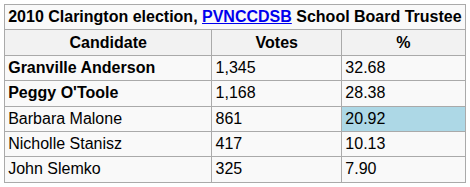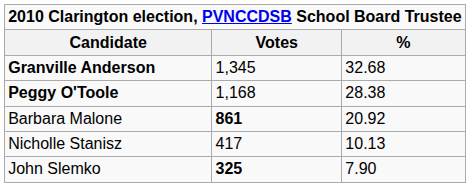 <table class="wikitable">
 <tr>
 <td Colspan="3" align="center"><strong>2010 Clarington election, <a href='#'>PVNCCDSB</a> School  Board Trustee</strong></td>
 </tr>
 <tr>
 <th bgcolor="#DDDDFF" width="200px">Candidate</th>
 <th bgcolor="#DDDDFF">Votes</th>
 <th bgcolor="#DDDDFF">%</th>
 </tr>
 <tr>
 <td><strong>Granville Anderson</strong></td>
 <td>1,345</td>
 <td>32.68</td>
 </tr>
 <tr>
 <td><strong>Peggy O'Toole</strong></td>
 <td>1,168</td>
 <td>28.38</td>
 </tr>
 <tr>
 <td>Barbara Malone</td>
-<td>861</td>
-<td style="background: lightblue;">20.92</td>
+<td><strong>861</strong></td>
+<td>20.92</td>
 </tr>
 <tr>
 <td>Nicholle Stanisz</td>
 <td>417</td>
 <td>10.13</td>
 </tr>
 <tr>
 <td>John Slemko</td>
-<td>325</td>
+<td><strong>325</strong></td>
 <td>7.90</td>
 </tr>
 </table>
